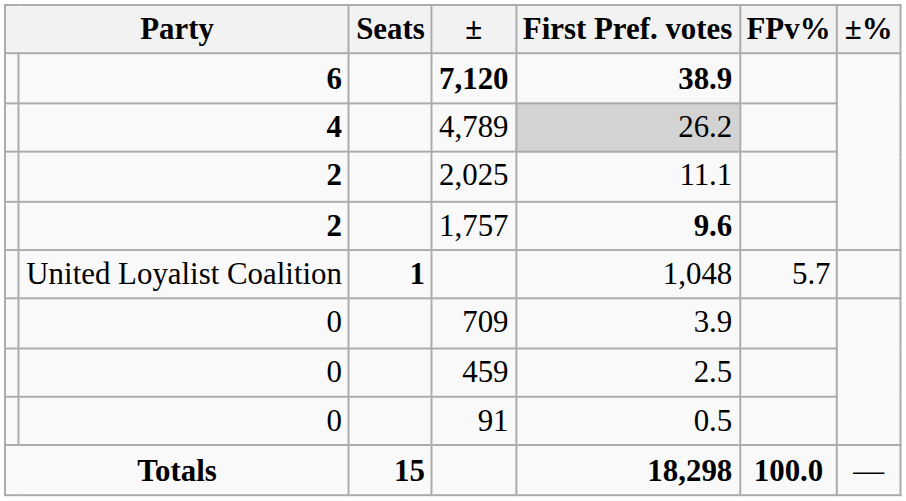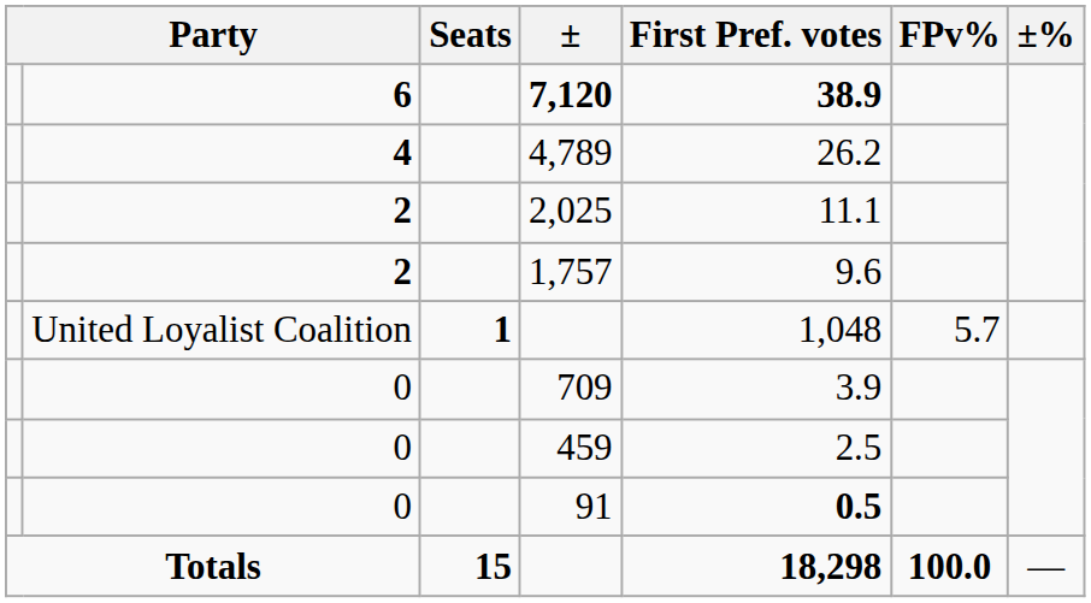 <table class=wikitable>
 <tr>
 <th colspan=2 align=center>Party</th>
 <th valign=top>Seats</th>
 <th valign=top>±</th>
 <th valign=top>First Pref. votes</th>
 <th valign=top>FPv%</th>
 <th valign=top>±%</th>
 </tr>
 <tr>
 <td></td>
 <td align=right><strong>6</strong></td>
 <td align=right></td>
 <td align=right><strong>7,120</strong></td>
 <td align=right><strong>38.9</strong></td>
 <td align=right></td>
 </tr>
 <tr>
 <td></td>
 <td align=right><strong>4</strong></td>
 <td align=right></td>
 <td align=right>4,789</td>
-<td align=right style="background: lightgrey;">26.2</td>
+<td align=right>26.2</td>
 <td align=right></td>
 </tr>
 <tr>
 <td></td>
 <td align=right><strong>2</strong></td>
 <td align=right></td>
 <td align=right>2,025</td>
 <td align=right>11.1</td>
 <td align=right></td>
 </tr>
 <tr>
 <td></td>
 <td align=right><strong>2</strong></td>
 <td align=right></td>
 <td align=right>1,757</td>
-<td align=right><strong>9.6</strong></td>
+<td align=right>9.6</td>
 <td align=right></td>
 </tr>
 <tr>
 <td></td>
 <td>United Loyalist Coalition</td>
 <td align=right><strong>1</strong></td>
 <td align=right></td>
 <td align=right>1,048</td>
 <td align=right>5.7</td>
 <td align=right></td>
 </tr>
 <tr>
 <td></td>
 <td align=right>0</td>
 <td align=right></td>
 <td align=right>709</td>
 <td align=right>3.9</td>
 <td align=right></td>
 </tr>
 <tr>
 <td></td>
 <td align=right>0</td>
 <td align=right></td>
 <td align=right>459</td>
 <td align=right>2.5</td>
 <td align=right></td>
 </tr>
 <tr>
 <td></td>
 <td align=right>0</td>
 <td align=right></td>
 <td align=right>91</td>
-<td align=right>0.5</td>
+<td align=right><strong>0.5</strong></td>
 <td align=right></td>
 </tr>
 <tr>
 <td colspan=2 align=center><strong>Totals</strong></td>
 <td align=right><strong>15</strong></td>
 <td align=center></td>
 <td align=right><strong>18,298</strong></td>
 <td align=center><strong>100.0</strong></td>
 <td align=center>—</td>
 </tr>
 </table>
